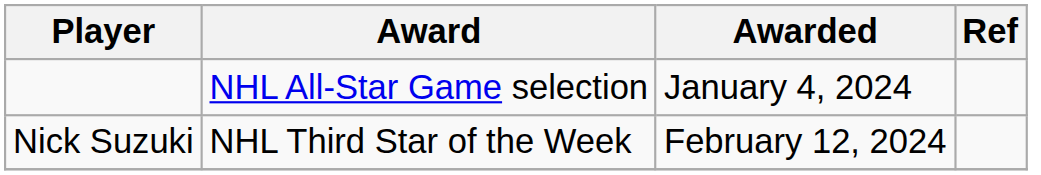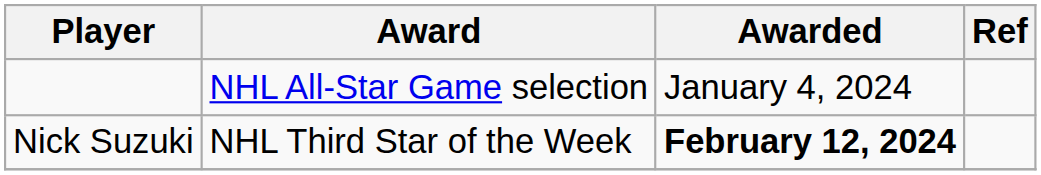 <table class="wikitable" style="width:auto;">
 <tr>
 <th>Player</th>
 <th>Award</th>
 <th>Awarded</th>
 <th>Ref</th>
 </tr>
 <tr>
 <td></td>
 <td><a href='#'>NHL All-Star Game</a> selection</td>
 <td>January 4, 2024</td>
 <td></td>
 </tr>
 <tr>
 <td>Nick Suzuki</td>
 <td>NHL Third Star of the Week</td>
-<td>February 12, 2024</td>
+<td><strong>February 12, 2024</strong></td>
 <td></td>
 </tr>
 <tr>
 </tr>
 </table>
